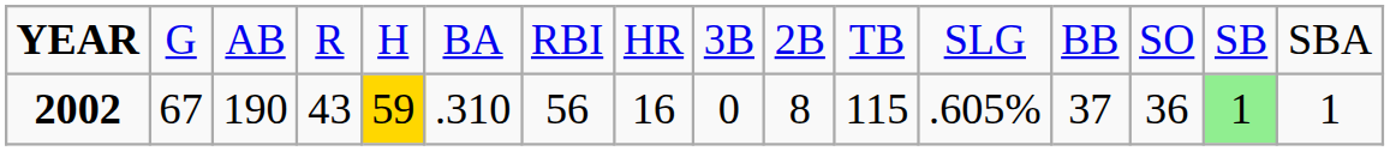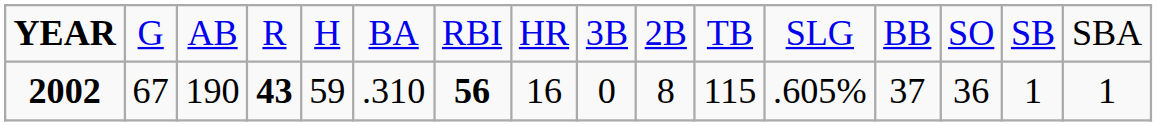 <table class="sortable wikitable" style="text-align:center;">
 <tr>
 <td><strong>YEAR</strong></td>
 <td><a href='#'>G</a></td>
 <td><a href='#'>AB</a></td>
 <td><a href='#'>R</a></td>
 <td><a href='#'>H</a></td>
 <td><a href='#'>BA</a></td>
 <td><a href='#'>RBI</a></td>
 <td><a href='#'>HR</a></td>
 <td><a href='#'>3B</a></td>
 <td><a href='#'>2B</a></td>
 <td><a href='#'>TB</a></td>
 <td><a href='#'>SLG</a></td>
 <td><a href='#'>BB</a></td>
 <td><a href='#'>SO</a></td>
 <td><a href='#'>SB</a></td>
 <td>SBA</td>
 </tr>
 <tr>
 <td><strong>2002</strong></td>
 <td>67</td>
 <td>190</td>
-<td>43</td>
-<td style="background: gold;">59</td>
+<td><strong>43</strong></td>
+<td>59</td>
 <td>.310</td>
-<td>56</td>
+<td><strong>56</strong></td>
 <td>16</td>
 <td>0</td>
 <td>8</td>
 <td>115</td>
 <td>.605%</td>
 <td>37</td>
 <td>36</td>
-<td style="background: lightgreen;">1</td>
+<td>1</td>
 <td>1</td>
 </tr>
 </table>
